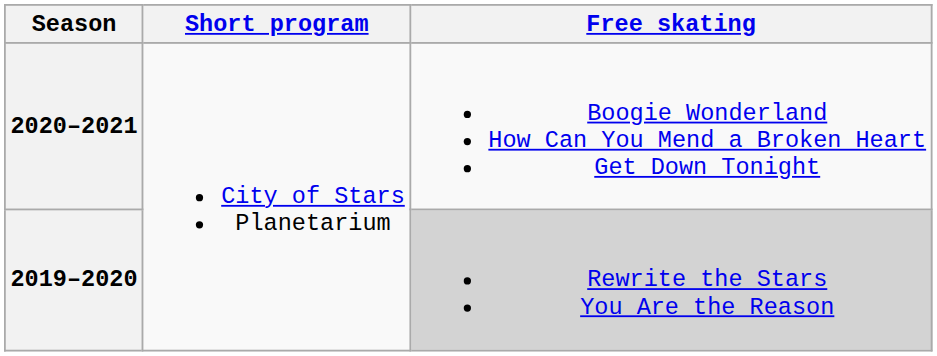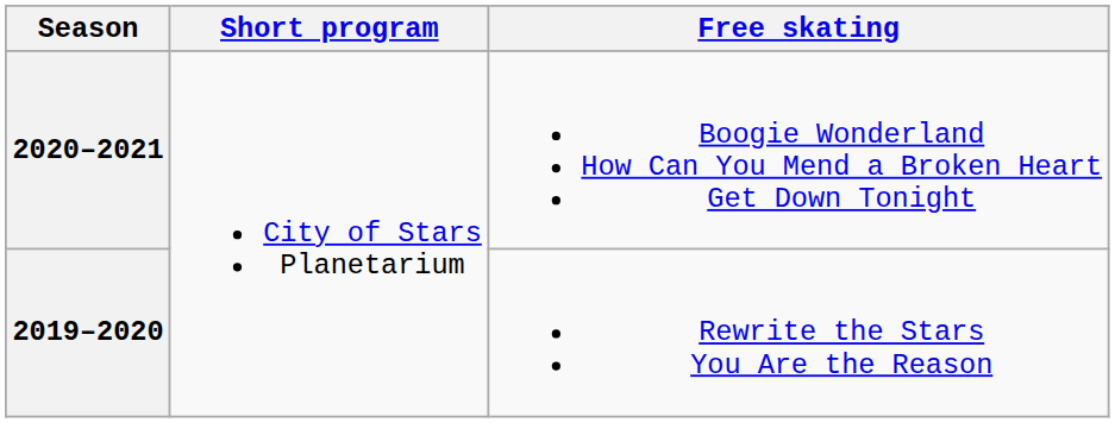 <table class="wikitable" style="text-align:center">
 <tr>
 <th>Season</th>
 <th><a href='#'>Short program</a></th>
 <th><a href='#'>Free skating</a></th>
 </tr>
 <tr>
 <th>2020–2021 <br> </th>
 <td rowspan=2><br><ul><li><a href='#'>City of Stars</a> <br> </li><li>Planetarium <br> </li></ul></td>
 <td><br><ul><li><a href='#'>Boogie Wonderland</a> <br> </li><li><a href='#'>How Can You Mend a Broken Heart</a> <br> </li><li><a href='#'>Get Down Tonight</a> <br> </li></ul></td>
 </tr>
 <tr>
 <th>2019–2020 <br> </th>
-<td style="background: lightgrey;"><br><ul><li><a href='#'>Rewrite the Stars</a> <br> </li><li><a href='#'>You Are the Reason</a> <br> </li></ul></td>
+<td><br><ul><li><a href='#'>Rewrite the Stars</a> <br> </li><li><a href='#'>You Are the Reason</a> <br> </li></ul></td>
 </tr>
 </table>
